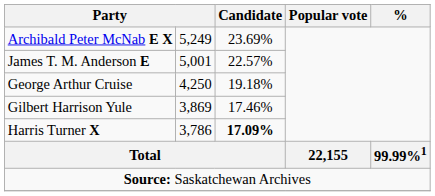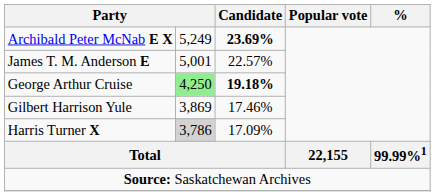 <table class="wikitable">
 <tr>
 <th colspan="2">Party</th>
 <th>Candidate</th>
 <th>Popular vote</th>
 <th>%</th>
 </tr>
 <tr>
 <td><a href='#'>Archibald Peter McNab</a>  <strong>E</strong> <strong>X</strong></td>
 <td align=center>5,249</td>
-<td align=center>23.69%</td>
+<td align=center><strong>23.69%</strong></td>
 </tr>
 <tr>
 <td>James T. M. Anderson <strong>E</strong></td>
 <td align=center>5,001</td>
 <td align=center>22.57%</td>
 </tr>
 <tr>
 <td>George Arthur Cruise</td>
-<td align=center>4,250</td>
-<td align=center>19.18%</td>
+<td align=center style="background: lightgreen;">4,250</td>
+<td align=center><strong>19.18%</strong></td>
 </tr>
 <tr>
 <td>Gilbert Harrison Yule</td>
 <td align=center>3,869</td>
 <td align=center>17.46%</td>
 </tr>
 <tr>
 <td>Harris Turner <strong>X</strong></td>
-<td align=center>3,786</td>
-<td align=center><strong>17.09%</strong></td>
+<td align=center style="background: lightgrey;">3,786</td>
+<td align=center>17.09%</td>
 </tr>
 <tr>
 <th colspan=3>Total</th>
 <th>22,155</th>
 <th>99.99%<sup>1</sup></th>
 </tr>
 <tr>
 <td align="center" colspan=5><strong>Source:</strong> Saskatchewan Archives</td>
 </tr>
 <tr>
 </tr>
 </table>
